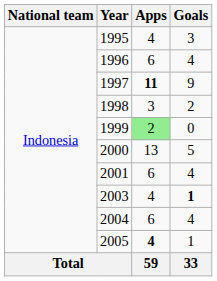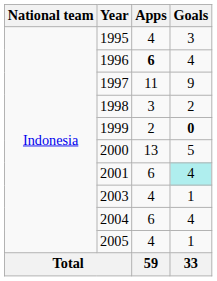 <table class="wikitable" style="text-align:center">
 <tr>
 <th>National team</th>
 <th>Year</th>
 <th>Apps</th>
 <th>Goals</th>
 </tr>
 <tr>
 <td rowspan="10"><a href='#'>Indonesia</a></td>
 <td>1995</td>
 <td>4</td>
 <td>3</td>
 </tr>
 <tr>
 <td>1996</td>
-<td>6</td>
+<td><strong>6</strong></td>
 <td>4</td>
 </tr>
 <tr>
 <td>1997</td>
-<td><strong>11</strong></td>
+<td>11</td>
 <td>9</td>
 </tr>
 <tr>
 <td>1998</td>
 <td>3</td>
 <td>2</td>
 </tr>
 <tr>
 <td>1999</td>
-<td style="background: lightgreen;">2</td>
-<td>0</td>
+<td>2</td>
+<td><strong>0</strong></td>
 </tr>
 <tr>
 <td>2000</td>
 <td>13</td>
 <td>5</td>
 </tr>
 <tr>
 <td>2001</td>
 <td>6</td>
-<td>4</td>
+<td style="background: paleturquoise;">4</td>
 </tr>
 <tr>
 <td>2003</td>
 <td>4</td>
-<td><strong>1</strong></td>
+<td>1</td>
 </tr>
 <tr>
 <td>2004</td>
 <td>6</td>
 <td>4</td>
 </tr>
 <tr>
 <td>2005</td>
-<td><strong>4</strong></td>
+<td>4</td>
 <td>1</td>
 </tr>
 <tr>
 <th colspan="2">Total</th>
 <th>59</th>
 <th>33</th>
 </tr>
 </table>
